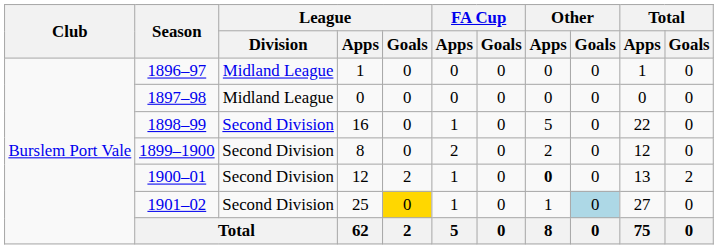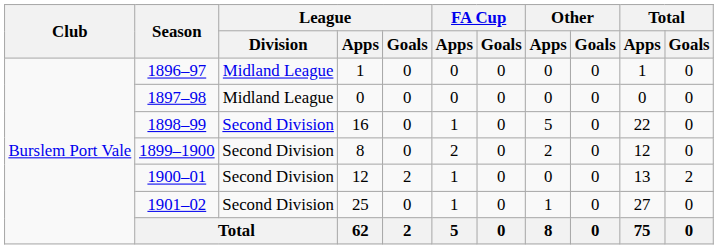 <table class="wikitable" style="text-align:center">
 <tr>
 <th rowspan="2">Club</th>
 <th rowspan="2">Season</th>
 <th colspan="3">League</th>
 <th colspan="2"><a href='#'>FA Cup</a></th>
 <th colspan="2">Other</th>
 <th colspan="2">Total</th>
 </tr>
 <tr>
 <th>Division</th>
 <th>Apps</th>
 <th>Goals</th>
 <th>Apps</th>
 <th>Goals</th>
 <th>Apps</th>
 <th>Goals</th>
 <th>Apps</th>
 <th>Goals</th>
 </tr>
 <tr>
 <td rowspan="7"><a href='#'>Burslem Port Vale</a></td>
 <td><a href='#'>1896–97</a></td>
 <td><a href='#'>Midland League</a></td>
 <td>1</td>
 <td>0</td>
 <td>0</td>
 <td>0</td>
 <td>0</td>
 <td>0</td>
 <td>1</td>
 <td>0</td>
 </tr>
 <tr>
 <td><a href='#'>1897–98</a></td>
 <td>Midland League</td>
 <td>0</td>
 <td>0</td>
 <td>0</td>
 <td>0</td>
 <td>0</td>
 <td>0</td>
 <td>0</td>
 <td>0</td>
 </tr>
 <tr>
 <td><a href='#'>1898–99</a></td>
 <td><a href='#'>Second Division</a></td>
 <td>16</td>
 <td>0</td>
 <td>1</td>
 <td>0</td>
 <td>5</td>
 <td>0</td>
 <td>22</td>
 <td>0</td>
 </tr>
 <tr>
 <td><a href='#'>1899–1900</a></td>
 <td>Second Division</td>
 <td>8</td>
 <td>0</td>
 <td>2</td>
 <td>0</td>
 <td>2</td>
 <td>0</td>
 <td>12</td>
 <td>0</td>
 </tr>
 <tr>
 <td><a href='#'>1900–01</a></td>
 <td>Second Division</td>
 <td>12</td>
 <td>2</td>
 <td>1</td>
 <td>0</td>
-<td><strong>0</strong></td>
+<td>0</td>
 <td>0</td>
 <td>13</td>
 <td>2</td>
 </tr>
 <tr>
 <td><a href='#'>1901–02</a></td>
 <td>Second Division</td>
 <td>25</td>
-<td style="background: gold;">0</td>
+<td>0</td>
 <td>1</td>
 <td>0</td>
 <td>1</td>
-<td style="background: lightblue;">0</td>
+<td>0</td>
 <td>27</td>
 <td>0</td>
 </tr>
 <tr>
 <th colspan="2">Total</th>
 <th>62</th>
 <th>2</th>
 <th>5</th>
 <th>0</th>
 <th>8</th>
 <th>0</th>
 <th>75</th>
 <th>0</th>
 </tr>
 </table>
